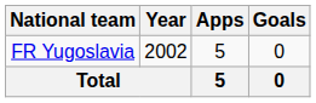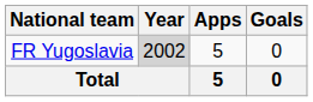 <table class="wikitable" style="text-align:center">
 <tr>
 <th>National team</th>
 <th>Year</th>
 <th>Apps</th>
 <th>Goals</th>
 </tr>
 <tr>
 <td><a href='#'>FR Yugoslavia</a></td>
-<td>2002</td>
+<td style="background: lightgrey;">2002</td>
 <td>5</td>
 <td>0</td>
 </tr>
 <tr>
 <th colspan="2">Total</th>
 <th>5</th>
 <th>0</th>
 </tr>
 </table>
